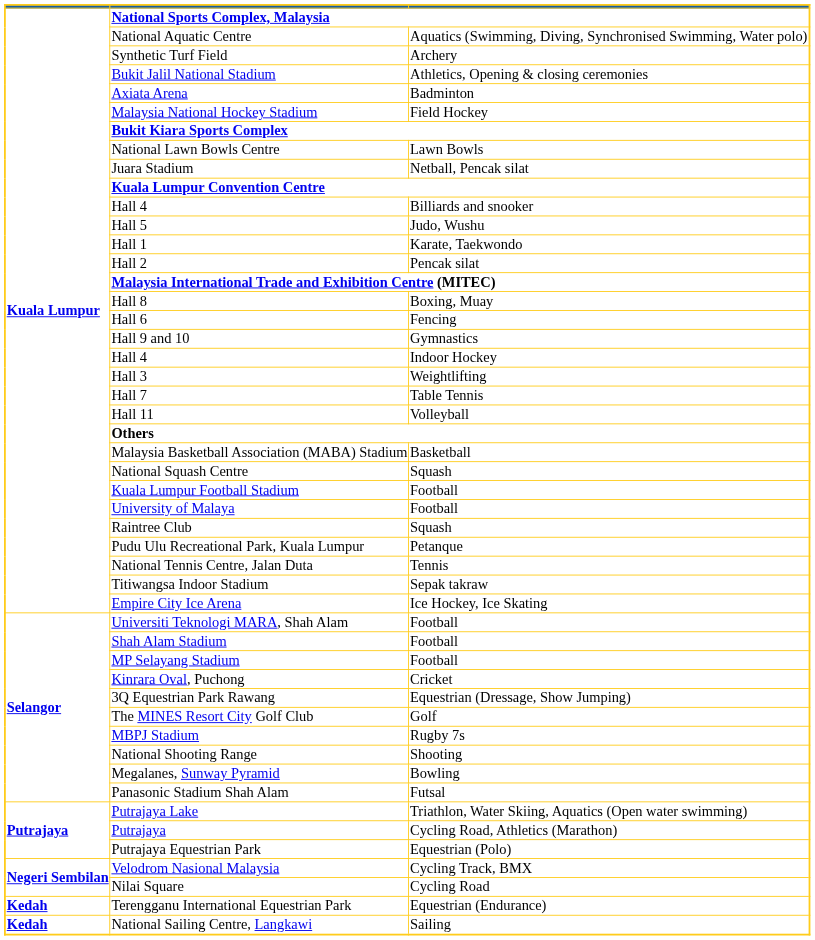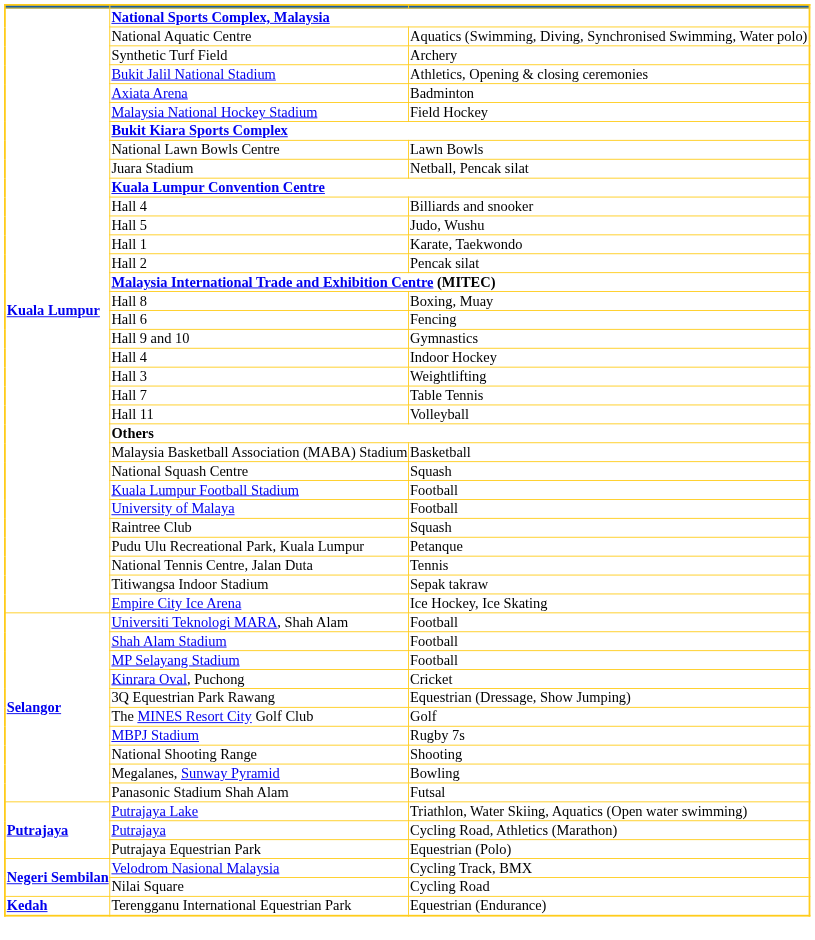 <table border=1 style="border-collapse:collapse; text-align:left; font-size:100%; border:2px solid #FFCC1B;">
 <tr style="text-align:center; font-weight:bold; background:#145DA5; colour:#FFCC1B;">
 <td></td>
 <td></td>
 <td></td>
 </tr>
 <tr>
 <th rowspan=32><a href='#'>Kuala Lumpur</a></th>
 <th colspan=2><a href='#'>National Sports Complex, Malaysia</a></th>
 </tr>
 <tr>
 <td>National Aquatic Centre</td>
 <td>Aquatics (Swimming, Diving, Synchronised Swimming, Water polo)</td>
 </tr>
 <tr>
 <td>Synthetic Turf Field</td>
 <td>Archery</td>
 </tr>
 <tr>
 <td><a href='#'>Bukit Jalil National Stadium</a></td>
 <td>Athletics, Opening & closing ceremonies</td>
 </tr>
 <tr>
 <td><a href='#'>Axiata Arena</a></td>
 <td>Badminton</td>
 </tr>
 <tr>
 <td><a href='#'>Malaysia National Hockey Stadium</a></td>
 <td>Field Hockey</td>
 </tr>
 <tr>
 <th colspan=2><a href='#'>Bukit Kiara Sports Complex</a></th>
 </tr>
 <tr>
 <td>National Lawn Bowls Centre</td>
 <td>Lawn Bowls</td>
 </tr>
 <tr>
 <td>Juara Stadium</td>
 <td>Netball, Pencak silat</td>
 </tr>
 <tr>
 <th colspan=2><a href='#'>Kuala Lumpur Convention Centre</a></th>
 </tr>
 <tr>
 <td>Hall 4</td>
 <td>Billiards and snooker</td>
 </tr>
 <tr>
 <td>Hall 5</td>
 <td>Judo, Wushu</td>
 </tr>
 <tr>
 <td>Hall 1</td>
 <td>Karate, Taekwondo</td>
 </tr>
 <tr>
 <td>Hall 2</td>
 <td>Pencak silat</td>
 </tr>
 <tr>
 <th colspan=2><a href='#'>Malaysia International Trade and Exhibition Centre</a> (MITEC)</th>
 </tr>
 <tr>
 <td>Hall 8</td>
 <td>Boxing, Muay</td>
 </tr>
 <tr>
 <td>Hall 6</td>
 <td>Fencing</td>
 </tr>
 <tr>
 <td>Hall 9 and 10</td>
 <td>Gymnastics</td>
 </tr>
 <tr>
 <td>Hall 4</td>
 <td>Indoor Hockey</td>
 </tr>
 <tr>
 <td>Hall 3</td>
 <td>Weightlifting</td>
 </tr>
 <tr>
 <td>Hall 7</td>
 <td>Table Tennis</td>
 </tr>
 <tr>
 <td>Hall 11</td>
 <td>Volleyball</td>
 </tr>
 <tr>
 <th colspan=2>Others</th>
 </tr>
 <tr>
 <td>Malaysia Basketball Association (MABA) Stadium</td>
 <td>Basketball</td>
 </tr>
 <tr>
 <td>National Squash Centre</td>
 <td>Squash</td>
 </tr>
 <tr>
 <td><a href='#'>Kuala Lumpur Football Stadium</a></td>
 <td>Football</td>
 </tr>
 <tr>
 <td><a href='#'>University of Malaya</a></td>
 <td>Football</td>
 </tr>
 <tr>
 <td>Raintree Club</td>
 <td>Squash</td>
 </tr>
 <tr>
 <td>Pudu Ulu Recreational Park, Kuala Lumpur</td>
 <td>Petanque</td>
 </tr>
 <tr>
 <td>National Tennis Centre, Jalan Duta</td>
 <td>Tennis</td>
 </tr>
 <tr>
 <td>Titiwangsa Indoor Stadium</td>
 <td>Sepak takraw</td>
 </tr>
 <tr>
 <td><a href='#'>Empire City Ice Arena</a></td>
 <td>Ice Hockey, Ice Skating</td>
 </tr>
 <tr>
 <td rowspan=10><strong><a href='#'>Selangor</a></strong></td>
 <td><a href='#'>Universiti Teknologi MARA</a>, Shah Alam</td>
 <td>Football</td>
 </tr>
 <tr>
 <td><a href='#'>Shah Alam Stadium</a></td>
 <td>Football</td>
 </tr>
 <tr>
 <td><a href='#'>MP Selayang Stadium</a></td>
 <td>Football</td>
 </tr>
 <tr>
 <td><a href='#'>Kinrara Oval</a>, Puchong</td>
 <td>Cricket</td>
 </tr>
 <tr>
 <td>3Q Equestrian Park Rawang</td>
 <td>Equestrian (Dressage, Show Jumping)</td>
 </tr>
 <tr>
 <td>The <a href='#'>MINES Resort City</a> Golf Club</td>
 <td>Golf</td>
 </tr>
 <tr>
 <td><a href='#'>MBPJ Stadium</a></td>
 <td>Rugby 7s</td>
 </tr>
 <tr>
 <td>National Shooting Range</td>
 <td>Shooting</td>
 </tr>
 <tr>
 <td>Megalanes, <a href='#'>Sunway Pyramid</a></td>
 <td>Bowling</td>
 </tr>
 <tr>
 <td>Panasonic Stadium Shah Alam</td>
 <td>Futsal</td>
 </tr>
 <tr>
 <td rowspan=3><strong><a href='#'>Putrajaya</a></strong></td>
 <td><a href='#'>Putrajaya Lake</a></td>
 <td>Triathlon, Water Skiing, Aquatics (Open water swimming)</td>
 </tr>
 <tr>
 <td><a href='#'>Putrajaya</a></td>
 <td>Cycling Road, Athletics (Marathon)</td>
 </tr>
 <tr>
 <td>Putrajaya Equestrian Park</td>
 <td>Equestrian (Polo)</td>
 </tr>
 <tr>
 <td rowspan=2><strong><a href='#'>Negeri Sembilan</a></strong></td>
 <td><a href='#'>Velodrom Nasional Malaysia</a></td>
 <td>Cycling Track, BMX</td>
 </tr>
 <tr>
 <td>Nilai Square</td>
 <td>Cycling Road</td>
 </tr>
 <tr>
 <td><strong><a href='#'>Kedah</a></strong></td>
 <td>Terengganu International Equestrian Park</td>
 <td>Equestrian (Endurance)</td>
 </tr>
-<tr>
-<td><strong><a href='#'>Kedah</a></strong></td>
-<td>National Sailing Centre, <a href='#'>Langkawi</a></td>
-<td>Sailing</td>
-</tr>
 </table>
